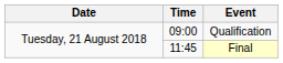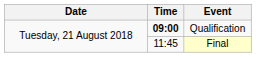 <table class = "wikitable" style="text-align:center;">
 <tr>
 <th width=220>Date</th>
 <th width=50>Time</th>
 <th width=100>Event</th>
 </tr>
 <tr>
 <td rowspan=2>Tuesday, 21 August 2018</td>
-<td>09:00</td>
+<td><strong>09:00</strong></td>
 <td>Qualification</td>
 </tr>
 <tr>
 <td>11:45</td>
 <td bgcolor=ffffcc>Final</td>
 </tr>
 </table>
